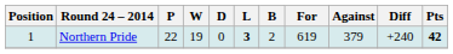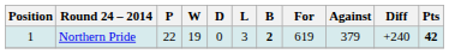 <table class="wikitable" style="text-align:center; font-size:85%;">
 <tr>
 <th width=40 abbr="Position">Position</th>
 <th width=100>Round 24 – 2014</th>
 <th width=20 abbr="Played">P</th>
 <th width=20 abbr="Won">W</th>
 <th width=20 abbr="Drawn">D</th>
 <th width=20 abbr="Lost">L</th>
 <th width=20 abbr="Bye">B</th>
 <th width=40 abbr="Points for">For</th>
 <th width=40 abbr="Points against">Against</th>
 <th width=40 abbr="Points difference">Diff</th>
 <th width=20 abbr="Points">Pts</th>
 </tr>
 <tr style="background: #d7ebed;">
 <td>1</td>
 <td style="text-align:left;"> <a href='#'>Northern Pride</a></td>
 <td>22</td>
 <td>19</td>
 <td>0</td>
-<td><strong>3</strong></td>
-<td>2</td>
+<td>3</td>
+<td><strong>2</strong></td>
 <td>619</td>
 <td>379</td>
 <td>+240</td>
 <td><strong>42</strong></td>
 </tr>
 <tr>
 </tr>
 </table>
